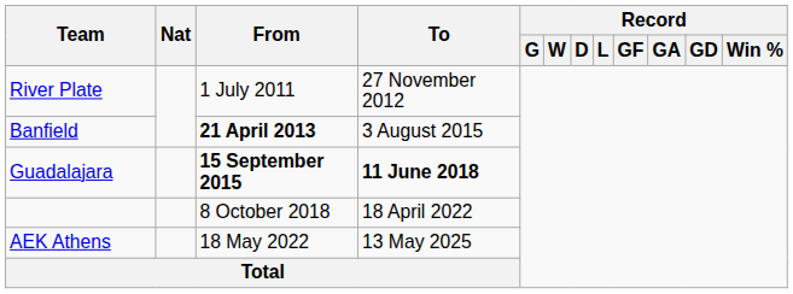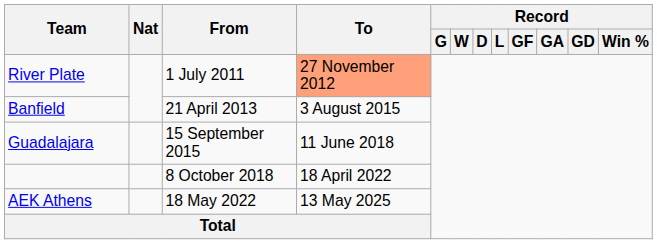 <table class="wikitable" style="text-align:center">
 <tr>
 <th rowspan="2" style="width:120px">Team</th>
 <th rowspan="2" style="width:10px">Nat</th>
 <th rowspan="2" style="width:130px">From</th>
 <th rowspan="2" style="width:130px">To</th>
 <th colspan="8">Record</th>
 </tr>
 <tr>
 <th>G</th>
 <th>W</th>
 <th>D</th>
 <th>L</th>
 <th>GF</th>
 <th>GA</th>
 <th>GD</th>
 <th>Win %</th>
 </tr>
 <tr>
 <td style="text-align:left"><a href='#'>River Plate</a></td>
 <td rowspan="2"></td>
 <td style="text-align:left">1 July 2011</td>
-<td align="left">27 November 2012<br></td>
+<td align="left" style="background: lightsalmon;">27 November 2012<br></td>
 </tr>
 <tr>
 <td style="text-align:left"><a href='#'>Banfield</a></td>
-<td style="text-align:left"><strong>21 April 2013</strong></td>
+<td style="text-align:left">21 April 2013</td>
 <td align="left">3 August 2015<br></td>
 </tr>
 <tr>
 <td style="text-align:left"><a href='#'>Guadalajara</a></td>
 <td></td>
-<td style="text-align:left"><strong>15 September 2015</strong></td>
-<td align="left"><strong>11 June 2018<br></strong></td>
+<td style="text-align:left">15 September 2015</td>
+<td align="left">11 June 2018<br></td>
 </tr>
 <tr>
 <td style="text-align:left"></td>
 <td></td>
 <td style="text-align:left">8 October 2018</td>
 <td align="left">18 April 2022<br></td>
 </tr>
 <tr>
 <td style="text-align:left"><a href='#'>AEK Athens</a></td>
 <td></td>
 <td style="text-align:left">18 Μay 2022</td>
 <td align="left">13 May 2025<br></td>
 </tr>
 <tr>
 <th colspan="4"><strong>Total</strong><br></th>
 </tr>
 </table>
